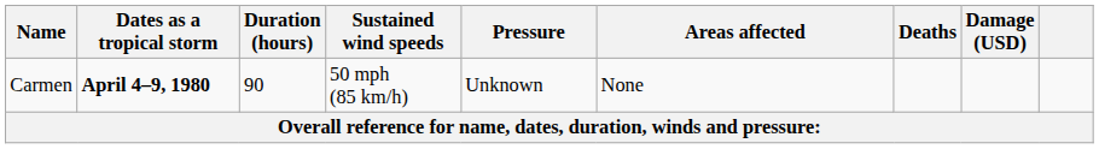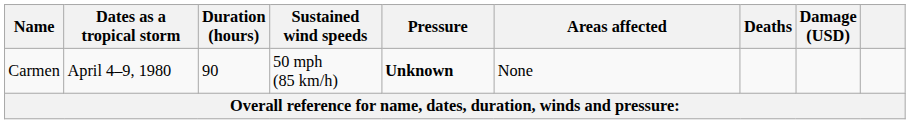 <table class="wikitable sortable" width="100%">
 <tr>
 <th scope="col" width="5%">Name</th>
 <th scope="col" width="15%" data-sort-type="isoDate">Dates as a<br>tropical storm</th>
 <th scope="col" width="5%">Duration<br>(hours)</th>
 <th scope="col" width="12.5%">Sustained<br>wind speeds</th>
 <th scope="col" width="12.5%">Pressure</th>
 <th scope="col" width="27.5%" class="unsortable">Areas affected</th>
 <th scope="col" width="5%">Deaths</th>
 <th scope="col" width="5%">Damage<br>(USD)</th>
 <th scope="col" width="5%" class="unsortable"></th>
 </tr>
 <tr>
 <td>Carmen</td>
-<td><strong>April 4–9, 1980</strong></td>
+<td>April 4–9, 1980</td>
 <td>90</td>
 <td>50 mph (85 km/h)</td>
-<td>Unknown</td>
+<td><strong>Unknown</strong></td>
 <td>None</td>
 <td None></td>
 <td></td>
 </tr>
 <tr>
 <th colspan=9>Overall reference for name, dates, duration, winds and pressure:</th>
 </tr>
 </table>
